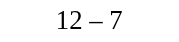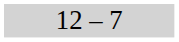 <table style="text-align:center">
 <tr>
 <th width=200></th>
 <th width=100></th>
 <th width=200></th>
 </tr>
 <tr>
 <td align=right><strong></strong></td>
-<td>12 – 7</td>
+<td style="background: lightgrey;">12 – 7</td>
 <td align=left></td>
 </tr>
 </table>
